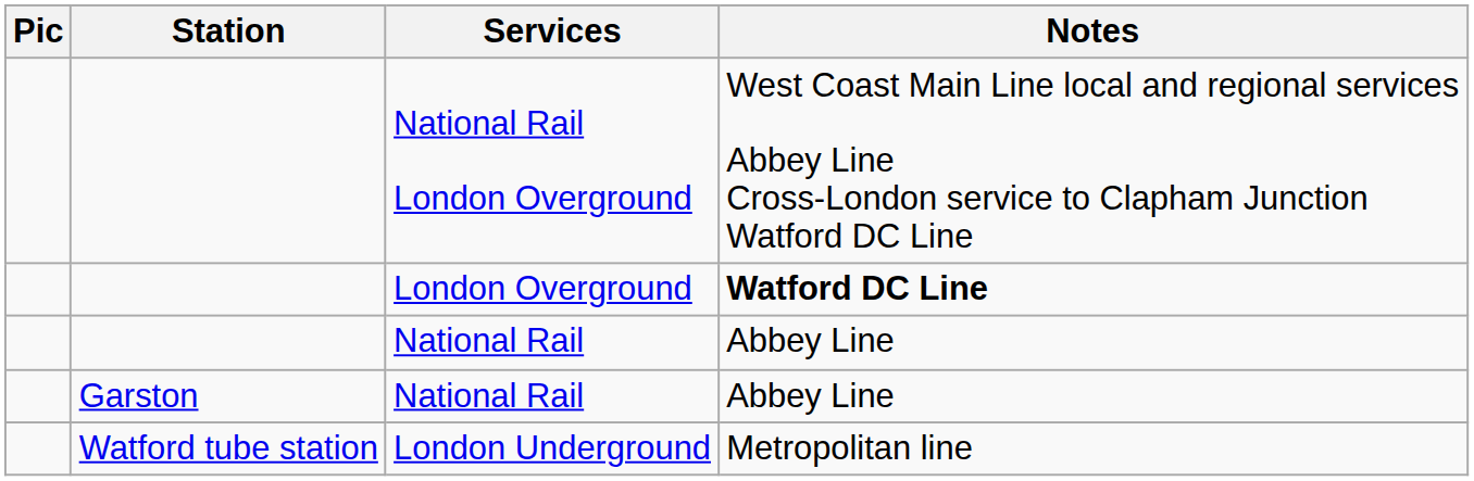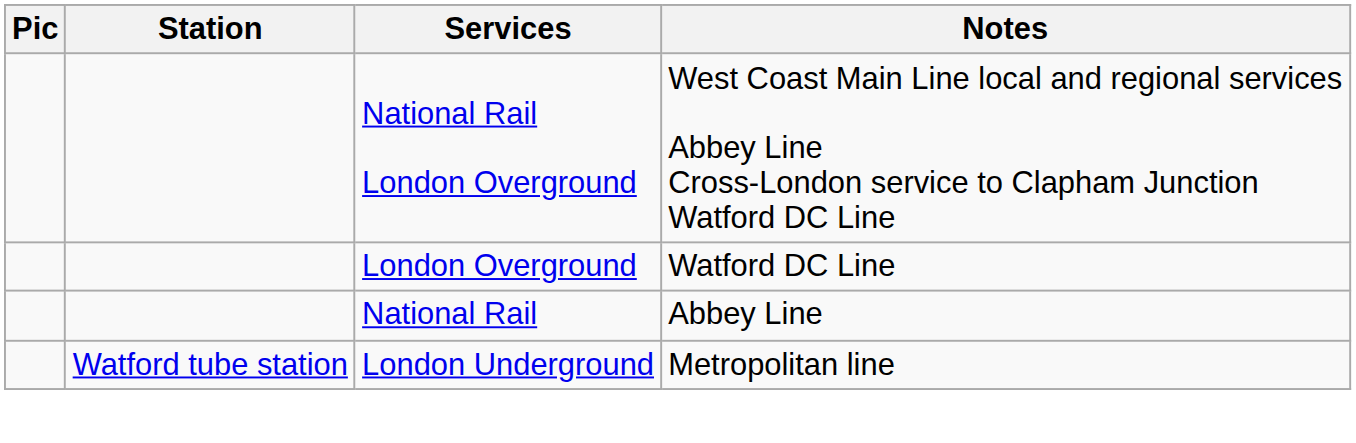 <table class="wikitable">
 <tr>
 <th>Pic</th>
 <th>Station</th>
 <th>Services</th>
 <th>Notes</th>
 </tr>
 <tr>
 <td></td>
 <td></td>
 <td> <a href='#'>National Rail</a><br><br> <a href='#'>London Overground</a></td>
 <td>West Coast Main Line local and regional services<br><br>Abbey Line<br> Cross-London service to Clapham Junction<br> Watford DC Line</td>
 </tr>
 <tr>
 <td></td>
 <td></td>
 <td> <a href='#'>London Overground</a></td>
-<td><strong>Watford DC Line</strong></td>
+<td>Watford DC Line</td>
 </tr>
 <tr>
 <td></td>
 <td></td>
-<td> <a href='#'>National Rail</a></td>
-<td>Abbey Line</td>
-</tr>
-<tr>
-<td></td>
-<td><a href='#'>Garston</a></td>
 <td> <a href='#'>National Rail</a></td>
 <td>Abbey Line</td>
 </tr>
 <tr>
 <td></td>
 <td><a href='#'>Watford tube station</a></td>
 <td> <a href='#'>London Underground</a></td>
 <td>Metropolitan line</td>
 </tr>
 </table>
